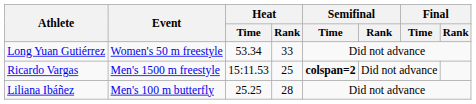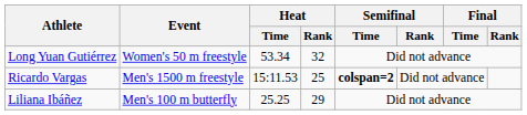 <table class=wikitable style="font-size:90%">
 <tr>
 <th rowspan="2">Athlete</th>
 <th rowspan="2">Event</th>
 <th colspan="2">Heat</th>
 <th colspan="2">Semifinal</th>
 <th colspan="2">Final</th>
 </tr>
 <tr style="font-size:95%">
 <th>Time</th>
 <th>Rank</th>
 <th>Time</th>
 <th>Rank</th>
 <th>Time</th>
 <th>Rank</th>
 </tr>
 <tr align=center>
 <td align=left><a href='#'>Long Yuan Gutiérrez</a></td>
 <td align=left><a href='#'>Women's 50 m freestyle</a></td>
 <td>53.34</td>
-<td>33</td>
+<td>32</td>
 <td colspan=4>Did not advance</td>
 </tr>
 <tr align=center>
 <td align=left><a href='#'>Ricardo Vargas</a></td>
 <td align=left><a href='#'>Men's 1500 m freestyle</a></td>
 <td>15:11.53</td>
 <td>25</td>
 <td><strong>colspan=2 </strong></td>
 <td colspan=2>Did not advance</td>
 </tr>
 <tr align=center>
 <td align=left><a href='#'>Liliana Ibáñez</a></td>
 <td align=left><a href='#'>Men's 100 m butterfly</a></td>
 <td>25.25</td>
-<td>28</td>
+<td>29</td>
 <td colspan=4>Did not advance</td>
 </tr>
 </table>
